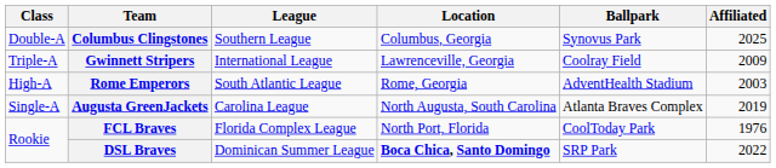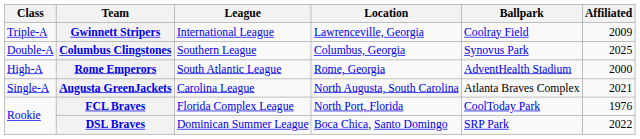 <table class="wikitable plainrowheaders sortable">
 <tr>
 <th scope="col">Class</th>
 <th scope="col">Team</th>
 <th scope="col">League</th>
 <th scope="col">Location</th>
 <th scope="col">Ballpark</th>
 <th scope="col">Affiliated</th>
 </tr>
 <tr>
+<td><a href='#'>Triple-A</a></td>
+<th scope="row"><a href='#'>Gwinnett Stripers</a></th>
+<td><a href='#'>International League</a></td>
+<td><a href='#'>Lawrenceville, Georgia</a></td>
+<td><a href='#'>Coolray Field</a></td>
+<td align="right">2009</td>
+</tr>
+<tr>
 <td><a href='#'>Double-A</a></td>
 <th scope="row"><a href='#'>Columbus Clingstones</a></th>
 <td><a href='#'>Southern League</a></td>
 <td><a href='#'>Columbus, Georgia</a></td>
 <td><a href='#'>Synovus Park</a></td>
 <td align="right">2025</td>
 </tr>
 <tr>
-<td><a href='#'>Triple-A</a></td>
-<th scope="row"><a href='#'>Gwinnett Stripers</a></th>
-<td><a href='#'>International League</a></td>
-<td><a href='#'>Lawrenceville, Georgia</a></td>
-<td><a href='#'>Coolray Field</a></td>
-<td align="right">2009</td>
-</tr>
-<tr>
 <td><a href='#'>High-A</a></td>
 <th scope="row"><a href='#'>Rome Emperors</a></th>
 <td><a href='#'>South Atlantic League</a></td>
 <td><a href='#'>Rome, Georgia</a></td>
 <td><a href='#'>AdventHealth Stadium</a></td>
-<td align="right">2003</td>
+<td align="right">2000</td>
 </tr>
 <tr>
 <td><a href='#'>Single-A</a></td>
 <th scope="row"><a href='#'>Augusta GreenJackets</a></th>
 <td><a href='#'>Carolina League</a></td>
 <td><a href='#'>North Augusta, South Carolina</a></td>
 <td>Atlanta Braves Complex</td>
-<td align="right">2019</td>
+<td align="right">2021</td>
 </tr>
 <tr>
 <td rowspan=2><a href='#'>Rookie</a></td>
 <th scope="row"><a href='#'>FCL Braves</a></th>
 <td><a href='#'>Florida Complex League</a></td>
 <td><a href='#'>North Port, Florida</a></td>
 <td><a href='#'>CoolToday Park</a></td>
 <td align="right">1976</td>
 </tr>
 <tr>
 <th scope="row"><a href='#'>DSL Braves</a></th>
 <td><a href='#'>Dominican Summer League</a></td>
-<td><strong><a href='#'>Boca Chica</a>, <a href='#'>Santo Domingo</a></strong></td>
+<td><a href='#'>Boca Chica</a>, <a href='#'>Santo Domingo</a></td>
 <td><a href='#'>SRP Park</a></td>
 <td align="right">2022</td>
 </tr>
 </table>
